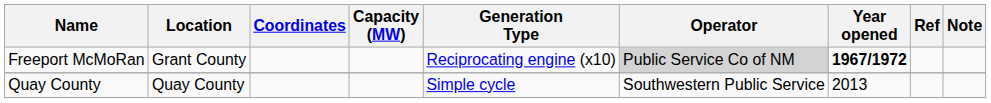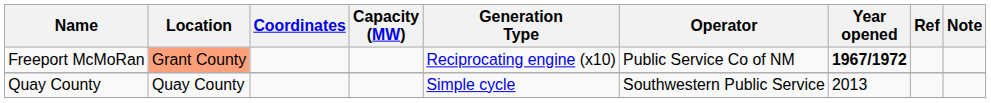 <table class="wikitable sortable">
 <tr>
 <th>Name</th>
 <th>Location</th>
 <th><a href='#'>Coordinates</a></th>
 <th>Capacity<br>(<a href='#'>MW</a>)</th>
 <th>Generation<br>Type</th>
 <th>Operator</th>
 <th>Year<br>opened</th>
 <th>Ref</th>
 <th>Note</th>
 </tr>
 <tr>
 <td>Freeport McMoRan</td>
-<td>Grant County</td>
+<td style="background: lightsalmon;">Grant County</td>
 <td></td>
 <td align=center></td>
 <td><a href='#'>Reciprocating engine</a> (x10)</td>
-<td style="background: lightgrey;">Public Service Co of NM</td>
+<td>Public Service Co of NM</td>
 <td><strong>1967/1972</strong></td>
 <td></td>
 <td></td>
 </tr>
 <tr>
 </tr>
 <tr>
 <td>Quay County</td>
 <td>Quay County</td>
 <td></td>
 <td align=center></td>
 <td><a href='#'>Simple cycle</a></td>
 <td>Southwestern Public Service</td>
 <td>2013</td>
 <td></td>
 <td></td>
 </tr>
 <tr>
 </tr>
 </table>
